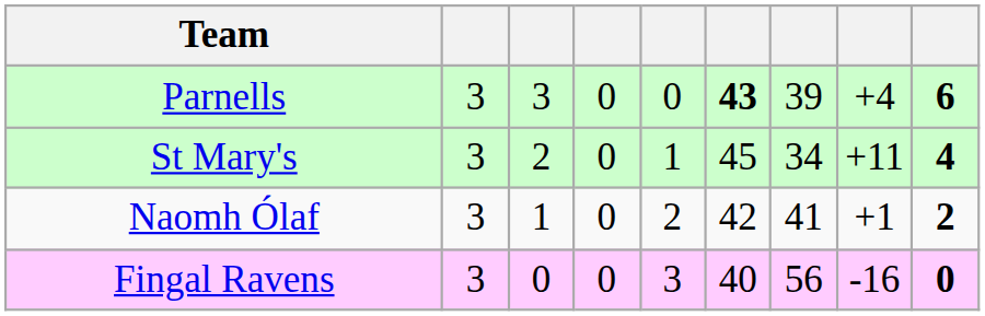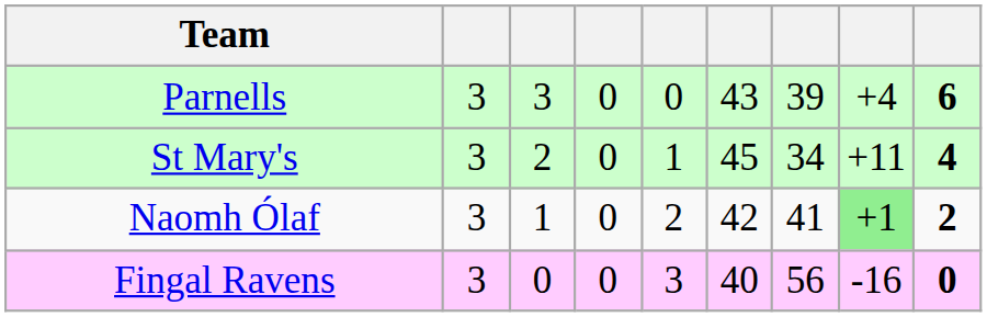 <table class="wikitable" style="text-align:center">
 <tr>
 <th style="width:175px;">Team</th>
 <th width="20"></th>
 <th width="20"></th>
 <th width="20"></th>
 <th width="20"></th>
 <th width="20"></th>
 <th width="20"></th>
 <th width="20"></th>
 <th width="20"></th>
 </tr>
 <tr style="background:#cfc;">
 <td><a href='#'>Parnells</a></td>
 <td>3</td>
 <td>3</td>
 <td>0</td>
 <td>0</td>
-<td><strong>43</strong></td>
+<td>43</td>
 <td>39</td>
 <td>+4</td>
 <td><strong>6</strong></td>
 </tr>
 <tr style="background:#cfc;">
 <td><a href='#'>St Mary's</a></td>
 <td>3</td>
 <td>2</td>
 <td>0</td>
 <td>1</td>
 <td>45</td>
 <td>34</td>
 <td>+11</td>
 <td><strong>4</strong></td>
 </tr>
 <tr>
 <td><a href='#'>Naomh Ólaf</a></td>
 <td>3</td>
 <td>1</td>
 <td>0</td>
 <td>2</td>
 <td>42</td>
 <td>41</td>
-<td>+1</td>
+<td style="background: lightgreen;">+1</td>
 <td><strong>2</strong></td>
 </tr>
 <tr style="background:#fcf;">
 <td><a href='#'>Fingal Ravens</a></td>
 <td>3</td>
 <td>0</td>
 <td>0</td>
 <td>3</td>
 <td>40</td>
 <td>56</td>
 <td>-16</td>
 <td><strong>0</strong></td>
 </tr>
 </table>
